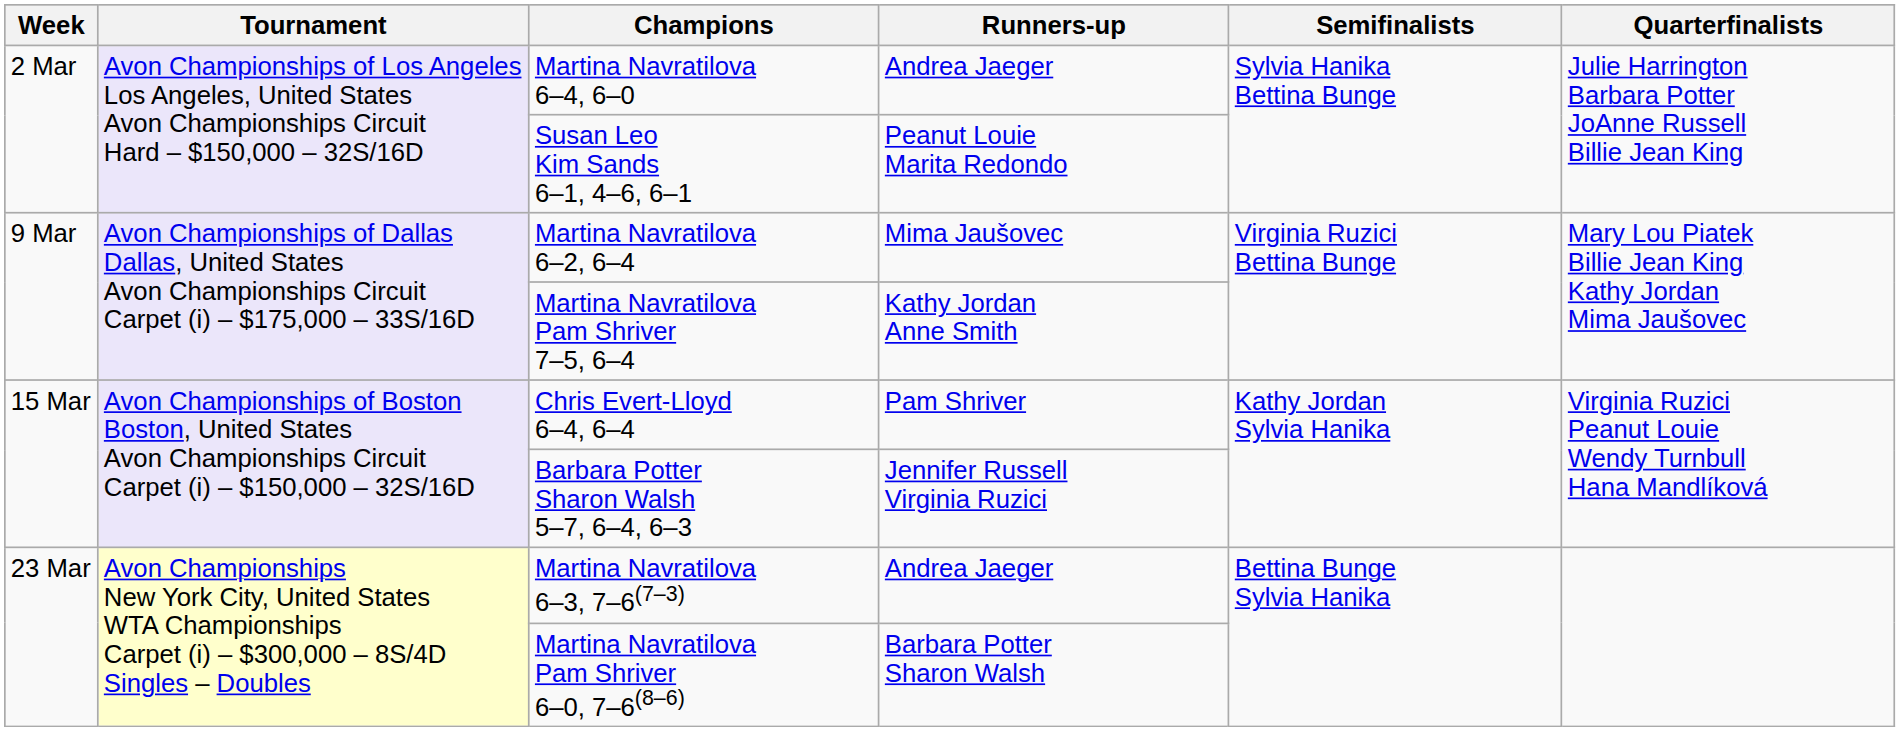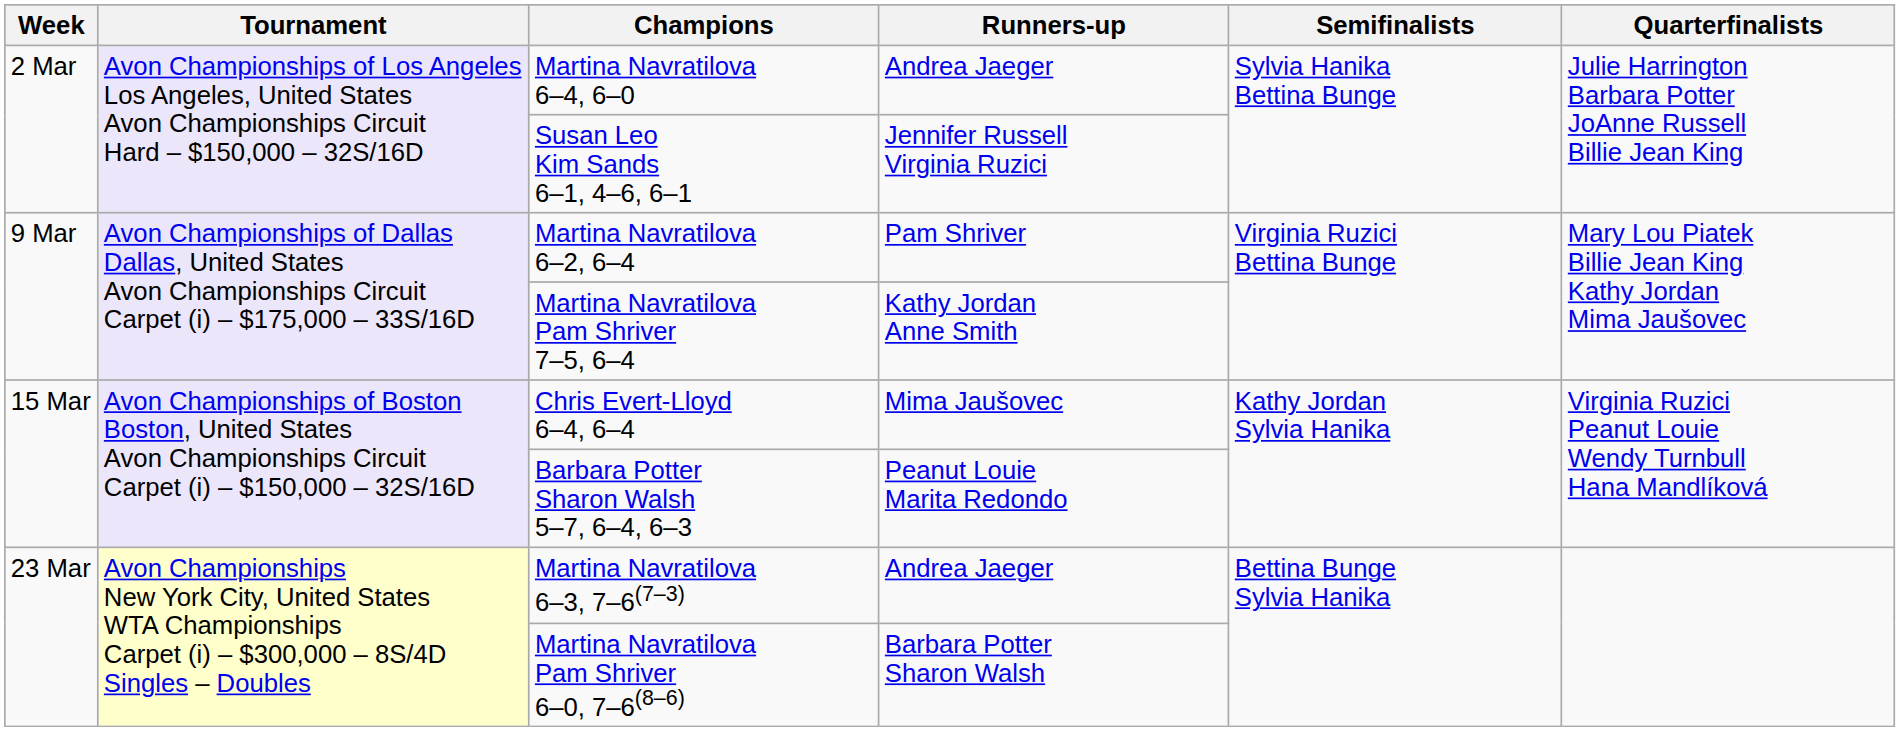 <table class=wikitable style=font-size:95%>
 <tr>
 <th style="width:48px;">Week</th>
 <th style="width:248px;">Tournament</th>
 <th style="width:200px;">Champions</th>
 <th style="width:200px;">Runners-up</th>
 <th style="width:190px;">Semifinalists</th>
 <th style="width:190px;">Quarterfinalists</th>
 </tr>
 <tr valign="top">
 <td rowspan=2>2 Mar</td>
 <td rowspan=2 style="background:#ebe6fa;"><a href='#'>Avon Championships of Los Angeles</a><br> Los Angeles, United States<br>Avon Championships Circuit<br>Hard – $150,000 – 32S/16D</td>
 <td> <a href='#'>Martina Navratilova</a><br>6–4, 6–0</td>
 <td> <a href='#'>Andrea Jaeger</a></td>
 <td rowspan=2> <a href='#'>Sylvia Hanika</a><br> <a href='#'>Bettina Bunge</a></td>
 <td rowspan=2> <a href='#'>Julie Harrington</a><br> <a href='#'>Barbara Potter</a><br>  <a href='#'>JoAnne Russell</a><br> <a href='#'>Billie Jean King</a></td>
 </tr>
 <tr valign="top">
 <td> <a href='#'>Susan Leo</a><br> <a href='#'>Kim Sands</a><br> 6–1, 4–6, 6–1</td>
-<td> <a href='#'>Peanut Louie</a><br> <a href='#'>Marita Redondo</a></td>
+<td> <a href='#'>Jennifer Russell</a><br> <a href='#'>Virginia Ruzici</a></td>
 </tr>
 <tr valign="top">
 <td rowspan=2>9 Mar</td>
 <td rowspan=2 style="background:#ebe6fa;"><a href='#'>Avon Championships of Dallas</a><br> <a href='#'>Dallas</a>, United States<br>Avon Championships Circuit<br>Carpet (i) – $175,000 – 33S/16D</td>
 <td> <a href='#'>Martina Navratilova</a><br>6–2, 6–4</td>
-<td> <a href='#'>Mima Jaušovec</a></td>
+<td> <a href='#'>Pam Shriver</a></td>
 <td rowspan=2> <a href='#'>Virginia Ruzici</a><br> <a href='#'>Bettina Bunge</a></td>
 <td rowspan=2> <a href='#'>Mary Lou Piatek</a><br> <a href='#'>Billie Jean King</a><br>  <a href='#'>Kathy Jordan</a><br> <a href='#'>Mima Jaušovec</a></td>
 </tr>
 <tr valign="top">
 <td> <a href='#'>Martina Navratilova</a><br> <a href='#'>Pam Shriver</a><br> 7–5, 6–4</td>
 <td> <a href='#'>Kathy Jordan</a><br> <a href='#'>Anne Smith</a></td>
 </tr>
 <tr valign="top">
 <td rowspan=2>15 Mar</td>
 <td rowspan=2 style="background:#ebe6fa;"><a href='#'>Avon Championships of Boston</a><br> <a href='#'>Boston</a>, United States<br>Avon Championships Circuit<br>Carpet (i) – $150,000 – 32S/16D</td>
 <td> <a href='#'>Chris Evert-Lloyd</a><br>6–4, 6–4</td>
-<td> <a href='#'>Pam Shriver</a></td>
+<td> <a href='#'>Mima Jaušovec</a></td>
 <td rowspan=2> <a href='#'>Kathy Jordan</a><br> <a href='#'>Sylvia Hanika</a></td>
 <td rowspan=2> <a href='#'>Virginia Ruzici</a><br> <a href='#'>Peanut Louie</a><br>  <a href='#'>Wendy Turnbull</a><br> <a href='#'>Hana Mandlíková</a></td>
 </tr>
 <tr valign="top">
 <td> <a href='#'>Barbara Potter</a><br> <a href='#'>Sharon Walsh</a><br> 5–7, 6–4, 6–3</td>
-<td> <a href='#'>Jennifer Russell</a><br> <a href='#'>Virginia Ruzici</a></td>
+<td> <a href='#'>Peanut Louie</a><br> <a href='#'>Marita Redondo</a></td>
 </tr>
 <tr valign="top">
 <td rowspan=2>23 Mar</td>
 <td rowspan=2 style="background:#FFFFCC"><a href='#'>Avon Championships</a><br> New York City, United States<br>WTA Championships<br>Carpet (i) – $300,000 – 8S/4D <br><a href='#'>Singles</a> – <a href='#'>Doubles</a></td>
 <td> <a href='#'>Martina Navratilova</a><br> 6–3, 7–6<sup>(7–3)</sup></td>
 <td> <a href='#'>Andrea Jaeger</a></td>
 <td rowspan=2> <a href='#'>Bettina Bunge</a><br>  <a href='#'>Sylvia Hanika</a></td>
 <td rowspan=2></td>
 </tr>
 <tr valign="top">
 <td> <a href='#'>Martina Navratilova</a><br> <a href='#'>Pam Shriver</a><br> 6–0, 7–6<sup>(8–6)</sup></td>
 <td> <a href='#'>Barbara Potter</a><br> <a href='#'>Sharon Walsh</a></td>
 </tr>
 </table>
